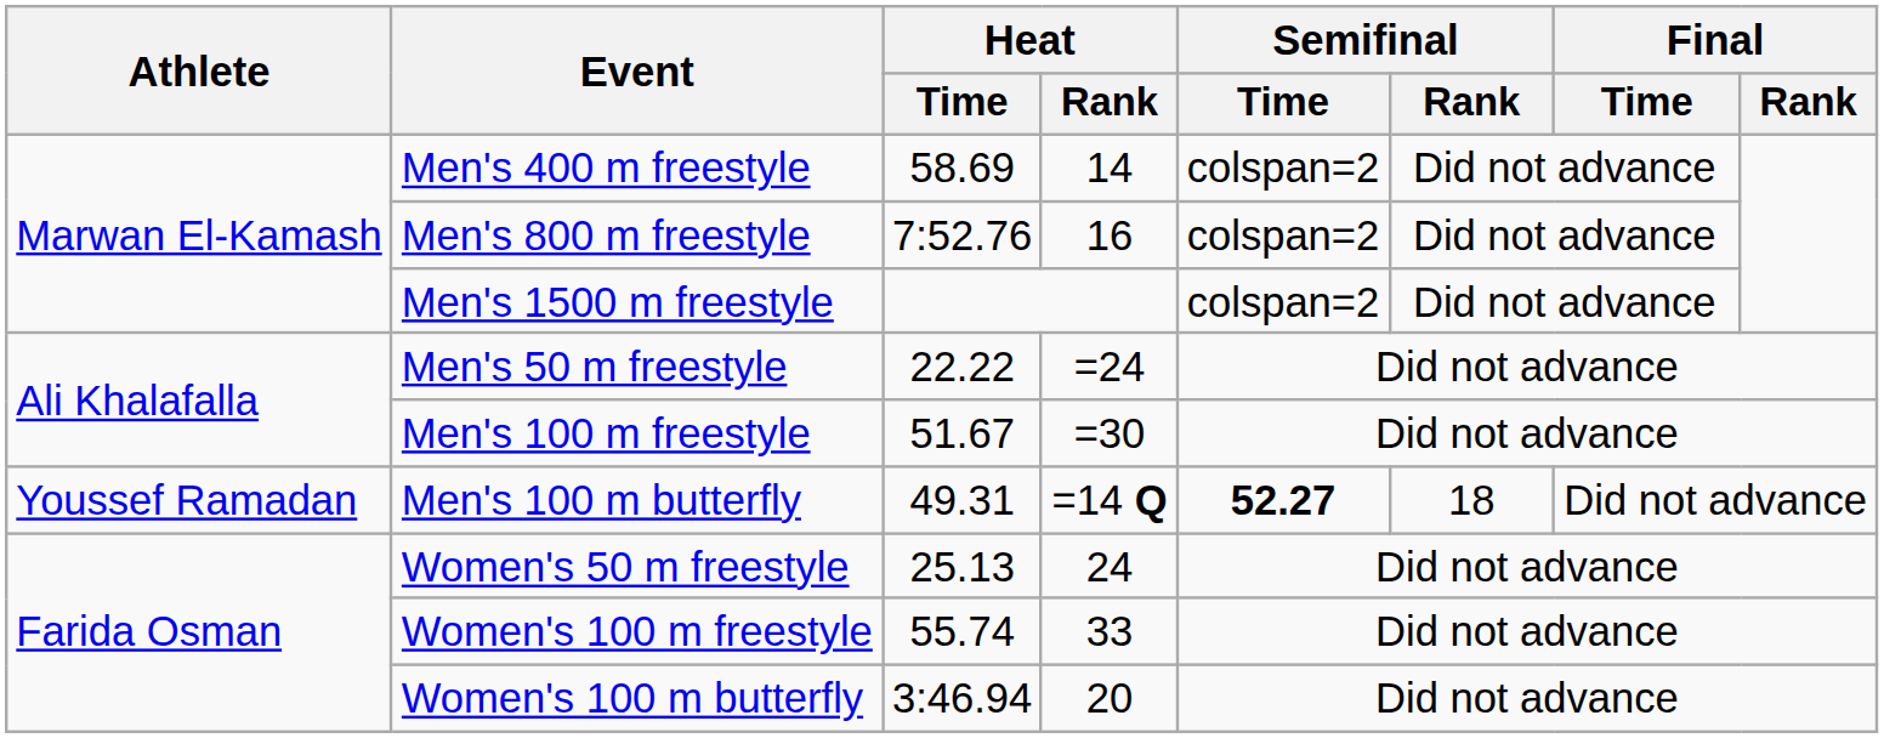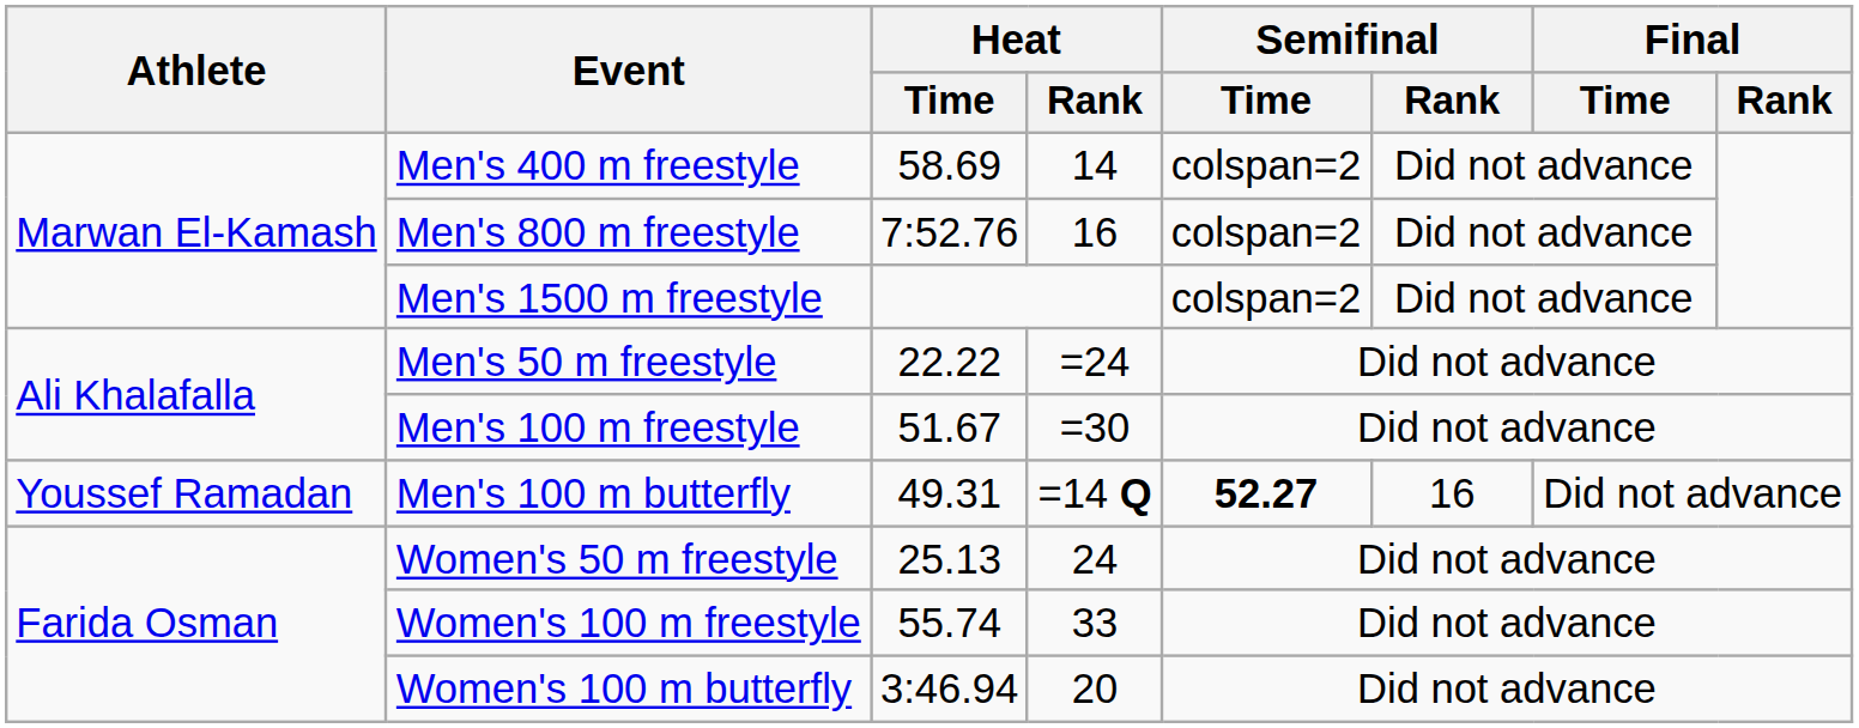 <table class=wikitable style="font-size:90%">
 <tr>
 <th rowspan="2">Athlete</th>
 <th rowspan="2">Event</th>
 <th colspan="2">Heat</th>
 <th colspan="2">Semifinal</th>
 <th colspan="2">Final</th>
 </tr>
 <tr style="font-size:95%">
 <th>Time</th>
 <th>Rank</th>
 <th>Time</th>
 <th>Rank</th>
 <th>Time</th>
 <th>Rank</th>
 </tr>
 <tr align=center>
 <td align=left rowspan=3><a href='#'>Marwan El-Kamash</a></td>
 <td align=left><a href='#'>Men's 400 m freestyle</a></td>
 <td>58.69</td>
 <td>14</td>
 <td>colspan=2 </td>
 <td colspan="2">Did not advance</td>
 </tr>
 <tr align=center>
 <td align=left><a href='#'>Men's 800 m freestyle</a></td>
 <td>7:52.76</td>
 <td>16</td>
 <td>colspan=2 </td>
 <td colspan="2">Did not advance</td>
 </tr>
 <tr align=center>
 <td align=left><a href='#'>Men's 1500 m freestyle</a></td>
 <td colspan="2"></td>
 <td>colspan=2 </td>
 <td colspan="2">Did not advance</td>
 </tr>
 <tr align=center>
 <td align=left rowspan=2><a href='#'>Ali Khalafalla</a></td>
 <td align=left><a href='#'>Men's 50 m freestyle</a></td>
 <td>22.22</td>
 <td>=24</td>
 <td colspan="4">Did not advance</td>
 </tr>
 <tr align=center>
 <td align=left><a href='#'>Men's 100 m freestyle</a></td>
 <td>51.67</td>
 <td>=30</td>
 <td colspan="4">Did not advance</td>
 </tr>
 <tr align=center>
 <td align=left><a href='#'>Youssef Ramadan</a></td>
 <td align=left><a href='#'>Men's 100 m butterfly</a></td>
 <td>49.31</td>
 <td>=14 <strong>Q</strong></td>
 <td><strong>52.27</strong></td>
-<td>18</td>
+<td>16</td>
 <td colspan="2">Did not advance</td>
 </tr>
 <tr align=center>
 <td align=left rowspan=3><a href='#'>Farida Osman</a></td>
 <td align=left><a href='#'>Women's 50 m freestyle</a></td>
 <td>25.13</td>
 <td>24</td>
 <td colspan="4">Did not advance</td>
 </tr>
 <tr align=center>
 <td align=left><a href='#'>Women's 100 m freestyle</a></td>
 <td>55.74</td>
 <td>33</td>
 <td colspan="4">Did not advance</td>
 </tr>
 <tr align=center>
 <td align=left><a href='#'>Women's 100 m butterfly</a></td>
 <td>3:46.94</td>
 <td>20</td>
 <td colspan="4">Did not advance</td>
 </tr>
 </table>
